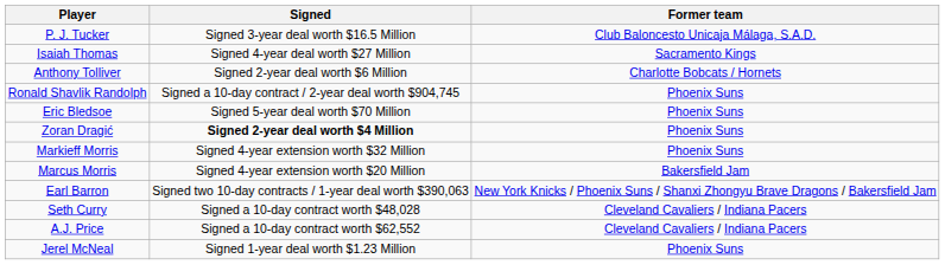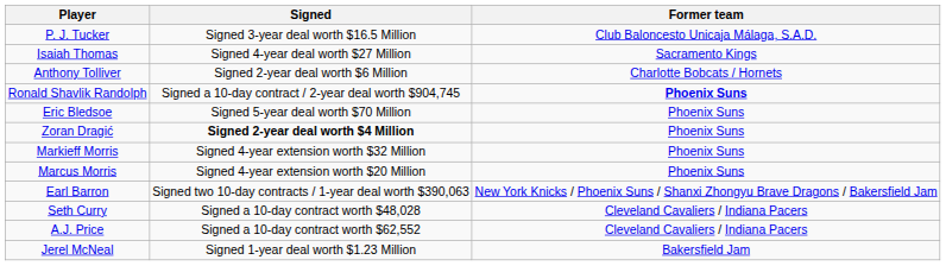 <table class="wikitable sortable sortable">
 <tr>
 <th>Player</th>
 <th>Signed</th>
 <th>Former team</th>
 </tr>
 <tr style="text-align: center">
 <td><a href='#'>P. J. Tucker</a></td>
 <td>Signed 3-year deal worth $16.5 Million</td>
 <td> <a href='#'>Club Baloncesto Unicaja Málaga, S.A.D.</a></td>
 </tr>
 <tr style="text-align: center">
 <td><a href='#'>Isaiah Thomas</a></td>
 <td>Signed 4-year deal worth $27 Million</td>
 <td><a href='#'>Sacramento Kings</a></td>
 </tr>
 <tr style="text-align: center">
 <td><a href='#'>Anthony Tolliver</a></td>
 <td>Signed 2-year deal worth $6 Million</td>
 <td><a href='#'>Charlotte Bobcats / Hornets</a></td>
 </tr>
 <tr style="text-align: center">
 <td><a href='#'>Ronald Shavlik Randolph</a></td>
 <td>Signed a 10-day contract / 2-year deal worth $904,745</td>
-<td><a href='#'>Phoenix Suns</a></td>
+<td><strong><a href='#'>Phoenix Suns</a></strong></td>
 </tr>
 <tr style="text-align: center">
 <td><a href='#'>Eric Bledsoe</a></td>
 <td>Signed 5-year deal worth $70 Million</td>
 <td><a href='#'>Phoenix Suns</a></td>
 </tr>
 <tr style="text-align: center">
 <td><a href='#'>Zoran Dragić</a></td>
 <td><strong>Signed 2-year deal worth $4 Million</strong></td>
 <td><a href='#'>Phoenix Suns</a></td>
 </tr>
 <tr style="text-align: center">
 <td><a href='#'>Markieff Morris</a></td>
 <td>Signed 4-year extension worth $32 Million</td>
 <td><a href='#'>Phoenix Suns</a></td>
 </tr>
 <tr style="text-align: center">
 <td><a href='#'>Marcus Morris</a></td>
 <td>Signed 4-year extension worth $20 Million</td>
-<td><a href='#'>Bakersfield Jam</a></td>
+<td><a href='#'>Phoenix Suns</a></td>
 </tr>
 <tr style="text-align: center">
 <td><a href='#'>Earl Barron</a></td>
 <td>Signed two 10-day contracts / 1-year deal worth $390,063</td>
 <td><a href='#'>New York Knicks</a> / <a href='#'>Phoenix Suns</a> /  <a href='#'>Shanxi Zhongyu Brave Dragons</a> / <a href='#'>Bakersfield Jam</a></td>
 </tr>
 <tr style="text-align: center">
 <td><a href='#'>Seth Curry</a></td>
 <td>Signed a 10-day contract worth $48,028</td>
 <td><a href='#'>Cleveland Cavaliers</a> / <a href='#'>Indiana Pacers</a></td>
 </tr>
 <tr style="text-align: center">
 <td><a href='#'>A.J. Price</a></td>
 <td>Signed a 10-day contract worth $62,552</td>
 <td><a href='#'>Cleveland Cavaliers</a> / <a href='#'>Indiana Pacers</a></td>
 </tr>
 <tr style="text-align: center">
 <td><a href='#'>Jerel McNeal</a></td>
 <td>Signed 1-year deal worth $1.23 Million</td>
-<td><a href='#'>Phoenix Suns</a></td>
+<td><a href='#'>Bakersfield Jam</a></td>
 </tr>
 </table>
